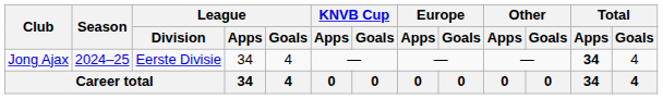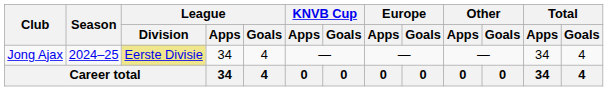 <table class="wikitable" style="text-align: center;">
 <tr>
 <th rowspan="2">Club</th>
 <th rowspan="2">Season</th>
 <th colspan="3">League</th>
 <th colspan="2"><a href='#'>KNVB Cup</a></th>
 <th colspan="2">Europe</th>
 <th colspan="2">Other</th>
 <th colspan="2">Total</th>
 </tr>
 <tr>
 <th>Division</th>
 <th>Apps</th>
 <th>Goals</th>
 <th>Apps</th>
 <th>Goals</th>
 <th>Apps</th>
 <th>Goals</th>
 <th>Apps</th>
 <th>Goals</th>
 <th>Apps</th>
 <th>Goals</th>
 </tr>
 <tr>
 <td><a href='#'>Jong Ajax</a></td>
 <td><a href='#'>2024–25</a></td>
-<td><a href='#'>Eerste Divisie</a></td>
+<td style="background: khaki;"><a href='#'>Eerste Divisie</a></td>
 <td>34</td>
 <td>4</td>
 <td colspan="2">—</td>
 <td colspan="2">—</td>
 <td colspan="2">—</td>
-<td><strong>34</strong></td>
+<td>34</td>
 <td>4</td>
 </tr>
 <tr>
 <th colspan="3">Career total</th>
 <th>34</th>
 <th>4</th>
 <th>0</th>
 <th>0</th>
 <th>0</th>
 <th>0</th>
 <th>0</th>
 <th>0</th>
 <th>34</th>
 <th>4</th>
 </tr>
 </table>
